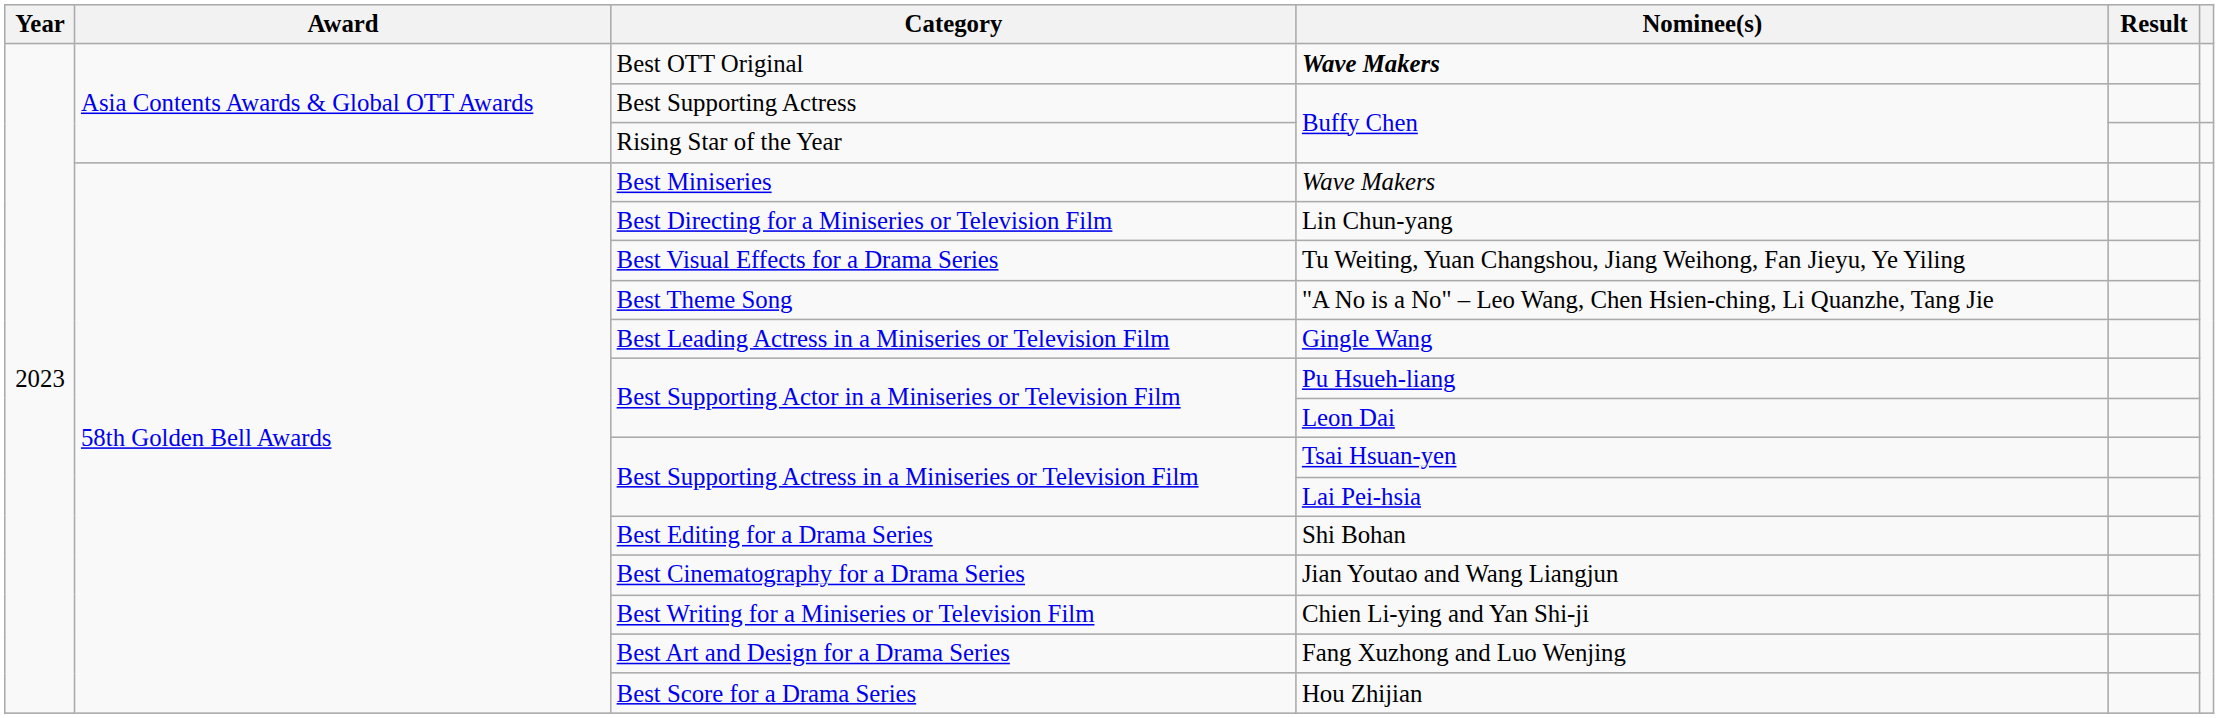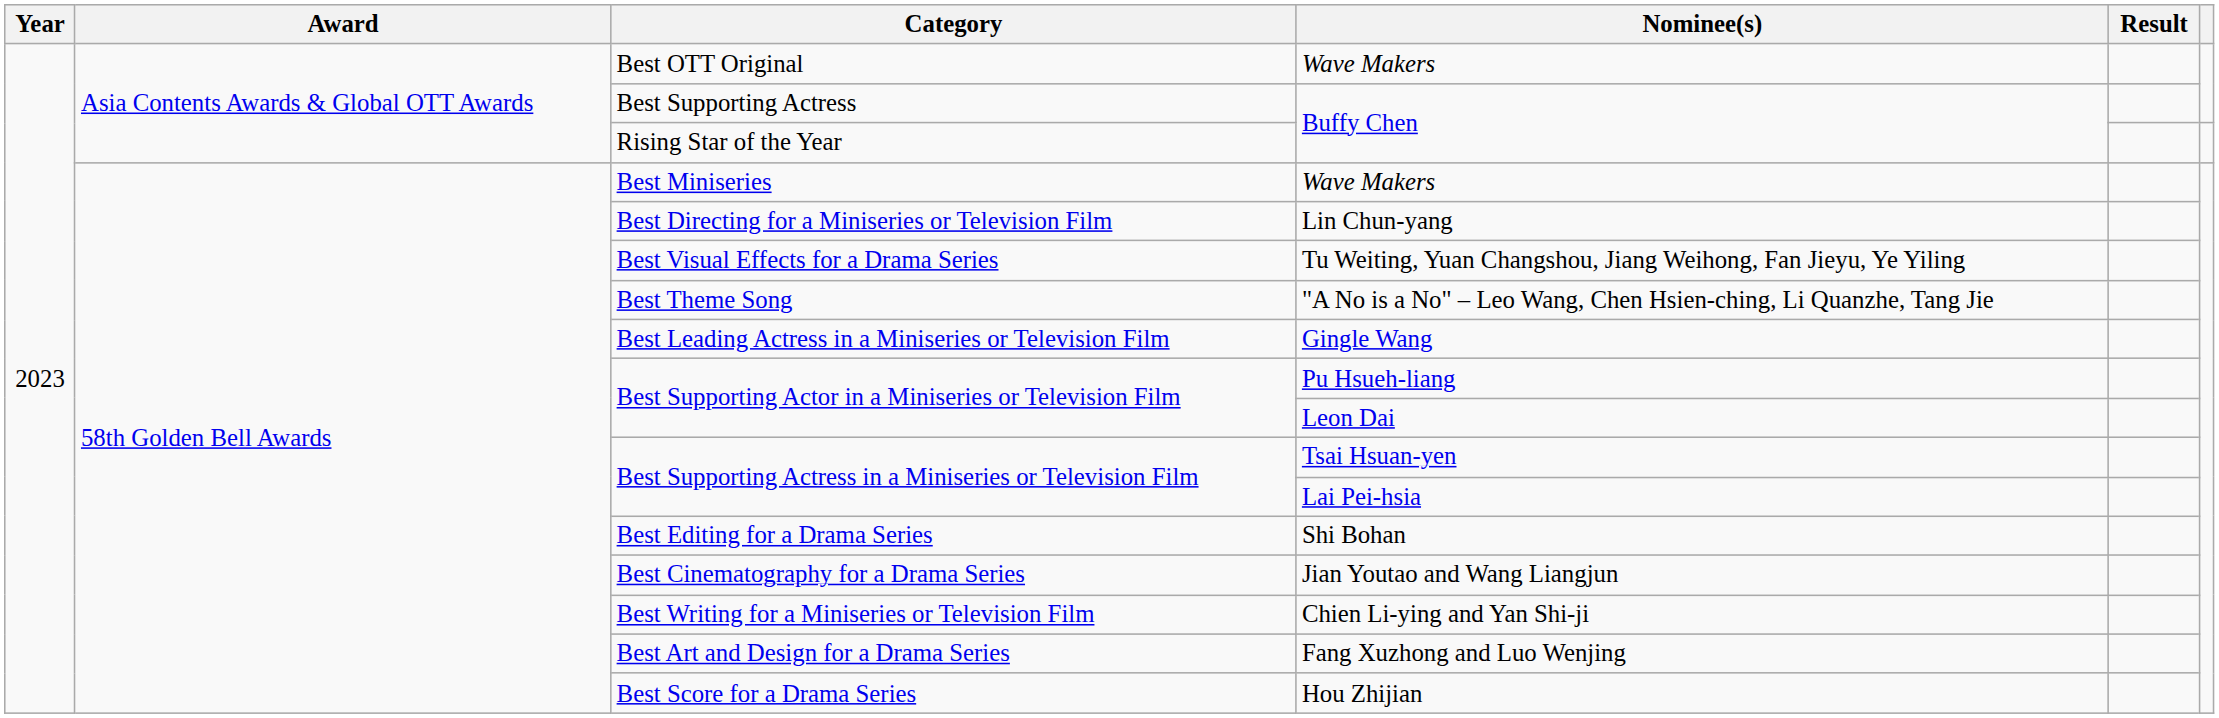 <table class="wikitable plainrowheaders sortable"; style="width:90%">
 <tr>
 <th scope="col">Year</th>
 <th scope="col">Award</th>
 <th scope="col">Category</th>
 <th scope="col">Nominee(s)</th>
 <th scope="col">Result</th>
 <th scope="col" class="unsortable"></th>
 </tr>
 <tr>
 <td rowspan="19" style="text-align:center">2023</td>
 <td rowspan="3"><a href='#'>Asia Contents Awards & Global OTT Awards</a></td>
 <td>Best OTT Original</td>
-<td><strong><em>Wave Makers</em></strong></td>
+<td><em>Wave Makers</em></td>
 <td></td>
 <td rowspan="2" style="text-align:center;"></td>
 </tr>
 <tr>
 <td>Best Supporting Actress</td>
 <td rowspan="2"><a href='#'>Buffy Chen</a></td>
 <td></td>
 </tr>
 <tr>
 <td>Rising Star of the Year</td>
 <td></td>
 <td style="text-align:center"></td>
 </tr>
 <tr>
 <td rowspan="16"><a href='#'>58th Golden Bell Awards</a></td>
 <td><a href='#'>Best Miniseries</a></td>
 <td><em>Wave Makers</em></td>
 <td></td>
 <td rowspan="16" style="text-align:center;"></td>
 </tr>
 <tr>
 <td><a href='#'>Best Directing for a Miniseries or Television Film</a></td>
 <td>Lin Chun-yang</td>
 <td></td>
 </tr>
 <tr>
 <td><a href='#'>Best Visual Effects for a Drama Series</a></td>
 <td>Tu Weiting, Yuan Changshou, Jiang Weihong, Fan Jieyu, Ye Yiling</td>
 <td></td>
 </tr>
 <tr>
 <td><a href='#'>Best Theme Song</a></td>
 <td>"A No is a No" – Leo Wang, Chen Hsien-ching, Li Quanzhe, Tang Jie</td>
 <td></td>
 </tr>
 <tr>
 <td><a href='#'>Best Leading Actress in a Miniseries or Television Film</a></td>
 <td><a href='#'>Gingle Wang</a></td>
 <td></td>
 </tr>
 <tr>
 <td rowspan="2"><a href='#'>Best Supporting Actor in a Miniseries or Television Film</a></td>
 <td><a href='#'>Pu Hsueh-liang</a></td>
 <td></td>
 </tr>
 <tr>
 <td><a href='#'>Leon Dai</a></td>
 <td></td>
 </tr>
 <tr>
 <td rowspan="2"><a href='#'>Best Supporting Actress in a Miniseries or Television Film</a></td>
 <td><a href='#'>Tsai Hsuan-yen</a></td>
 <td></td>
 </tr>
 <tr>
 <td><a href='#'>Lai Pei-hsia</a></td>
 <td></td>
 </tr>
 <tr>
 <td><a href='#'>Best Editing for a Drama Series</a></td>
 <td>Shi Bohan</td>
 <td></td>
 </tr>
 <tr>
 <td><a href='#'>Best Cinematography for a Drama Series</a></td>
 <td>Jian Youtao and Wang Liangjun</td>
 <td></td>
 </tr>
 <tr>
 <td><a href='#'>Best Writing for a Miniseries or Television Film</a></td>
 <td>Chien Li-ying and Yan Shi-ji</td>
 <td></td>
 </tr>
 <tr>
 <td><a href='#'>Best Art and Design for a Drama Series</a></td>
 <td>Fang Xuzhong and Luo Wenjing</td>
 <td></td>
 </tr>
 <tr>
 <td><a href='#'>Best Score for a Drama Series</a></td>
 <td>Hou Zhijian</td>
 <td></td>
 </tr>
 </table>
